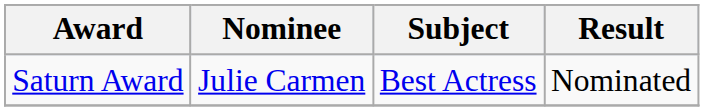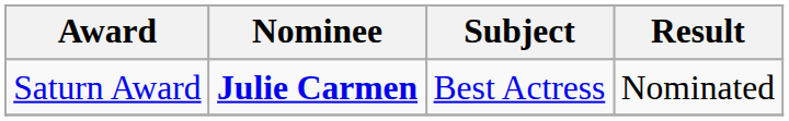 <table class="wikitable">
 <tr style="background:#b0c4de; text-align:center;">
 <th>Award</th>
 <th>Nominee</th>
 <th>Subject</th>
 <th>Result</th>
 </tr>
 <tr>
 <td><a href='#'>Saturn Award</a></td>
-<td><a href='#'>Julie Carmen</a></td>
+<td><strong><a href='#'>Julie Carmen</a></strong></td>
 <td><a href='#'>Best Actress</a></td>
 <td>Nominated</td>
 </tr>
 <tr>
 </tr>
 </table>
